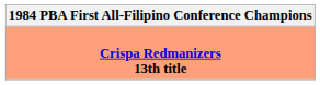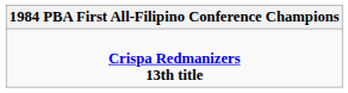 <table class=wikitable style="text-align:center; margin:auto">
 <tr>
 <th>1984 PBA First All-Filipino Conference Champions</th>
 </tr>
 <tr>
-<td style="background: lightsalmon;"><br> <strong><a href='#'>Crispa Redmanizers</a></strong> <br> <strong>13th title</strong></td>
+<td><br> <strong><a href='#'>Crispa Redmanizers</a></strong> <br> <strong>13th title</strong></td>
 </tr>
 </table>
